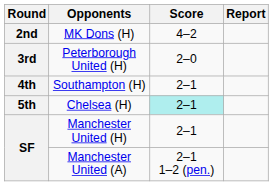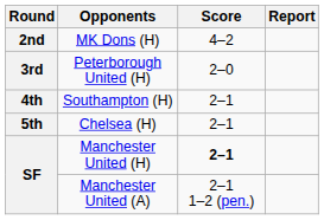 <table class="wikitable plainrowheaders" style="text-align:center;margin-left:1em;float:right">
 <tr>
 <th scope="col" style="width:25px">Round</th>
 <th scope="col" style="width:125px">Opponents</th>
 <th scope="col" style="width:90px">Score</th>
 <th scope="col" style="width:50px">Report</th>
 </tr>
 <tr>
 <th scope=row style="text-align:center">2nd</th>
 <td><a href='#'>MK Dons</a> (H)</td>
 <td>4–2</td>
 <td></td>
 </tr>
 <tr>
 <th scope=row style="text-align:center">3rd</th>
 <td><a href='#'>Peterborough United</a> (H)</td>
 <td>2–0</td>
 <td></td>
 </tr>
 <tr>
 <th scope=row style="text-align:center">4th</th>
 <td><a href='#'>Southampton</a> (H)</td>
 <td>2–1</td>
 <td></td>
 </tr>
 <tr>
 <th scope=row style="text-align:center">5th</th>
 <td><a href='#'>Chelsea</a> (H)</td>
-<td style="background: paleturquoise;">2–1 </td>
+<td>2–1 </td>
 <td></td>
 </tr>
 <tr>
 <th scope=row style="text-align:center" rowspan="2">SF</th>
 <td><a href='#'>Manchester United</a> (H)</td>
-<td>2–1</td>
+<td><strong>2–1</strong></td>
 <td></td>
 </tr>
 <tr>
 <td><a href='#'>Manchester United</a> (A)</td>
 <td>2–1 <br>1–2 (<a href='#'>pen.</a>)</td>
 <td></td>
 </tr>
 </table>
